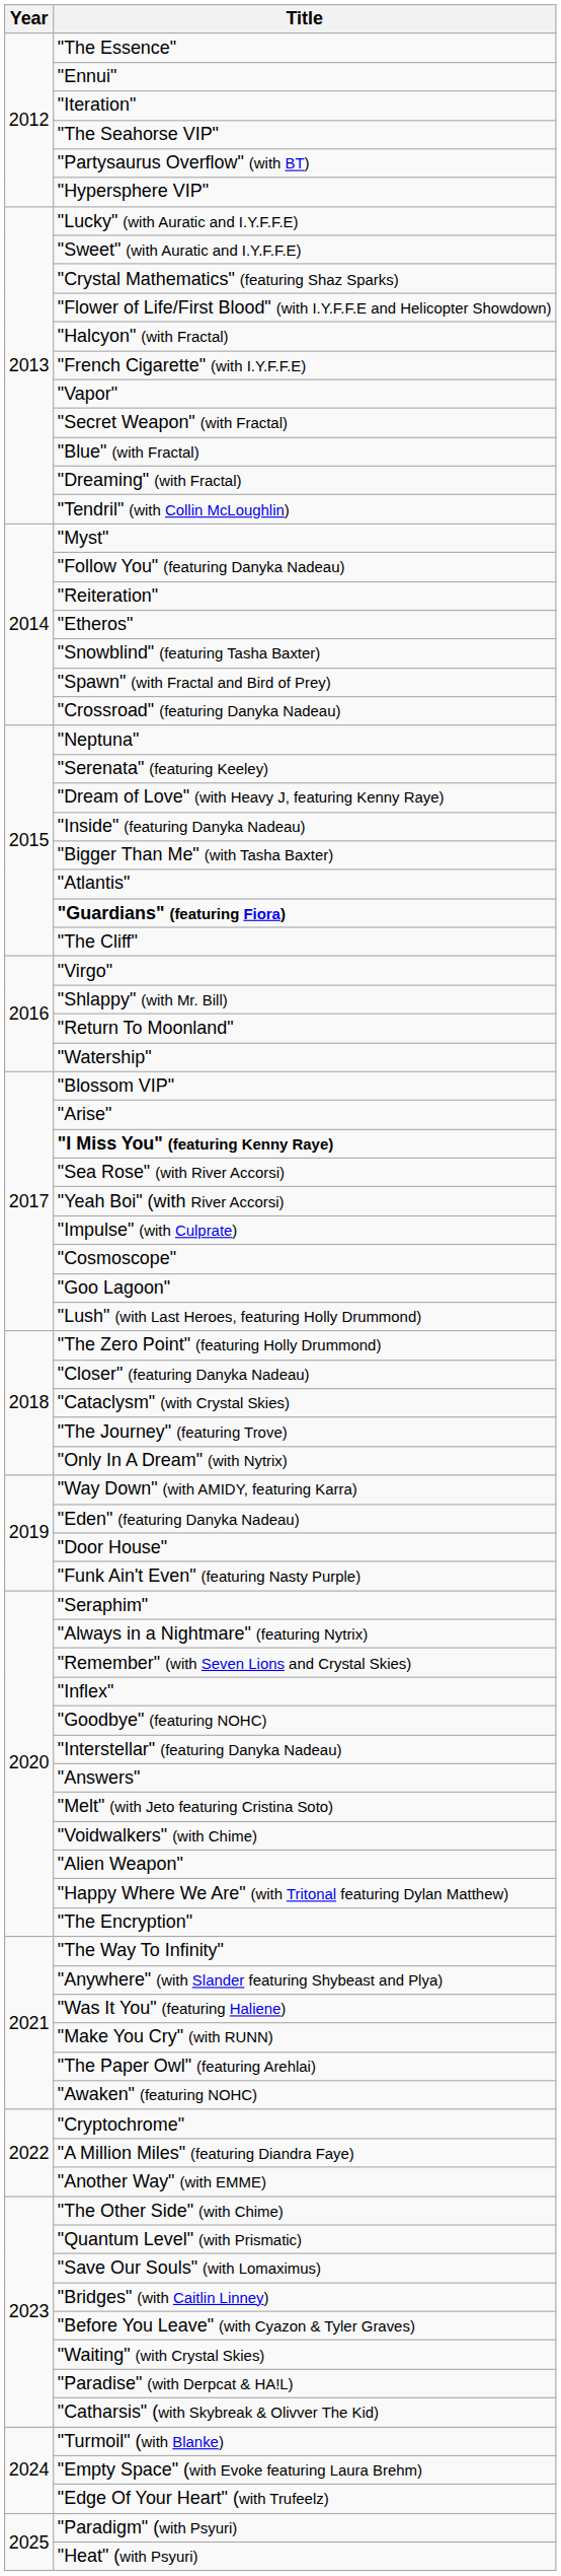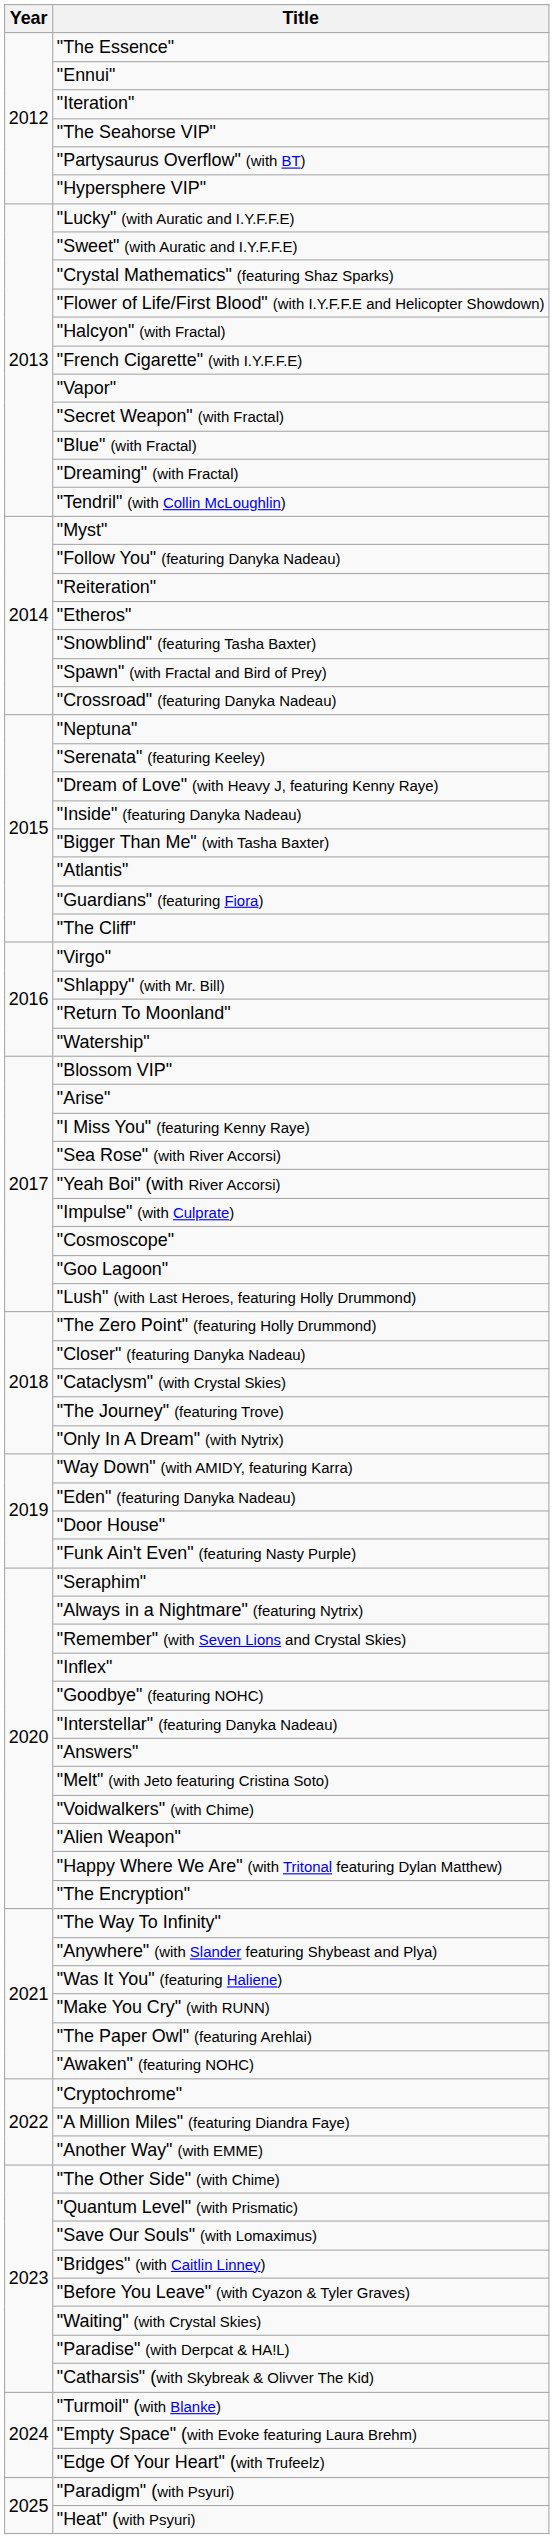 <table class="wikitable">
 <tr>
 <th align="center" width="35">Year</th>
 <th>Title</th>
 </tr>
 <tr>
 <td rowspan="6" align="center">2012</td>
 <td>"The Essence"</td>
 </tr>
 <tr>
 <td>"Ennui"</td>
 </tr>
 <tr>
 <td>"Iteration"</td>
 </tr>
 <tr>
 <td>"The Seahorse VIP"</td>
 </tr>
 <tr>
 <td>"Partysaurus Overflow" <small>(with <a href='#'>BT</a>)</small></td>
 </tr>
 <tr>
 <td>"Hypersphere VIP"</td>
 </tr>
 <tr>
 <td rowspan="11" align="center">2013</td>
 <td>"Lucky" <small>(with Auratic and I.Y.F.F.E)</small></td>
 </tr>
 <tr>
 <td>"Sweet" <small>(with Auratic and I.Y.F.F.E)</small></td>
 </tr>
 <tr>
 <td>"Crystal Mathematics" <small>(featuring Shaz Sparks)</small></td>
 </tr>
 <tr>
 <td>"Flower of Life/First Blood" <small>(with I.Y.F.F.E and Helicopter Showdown)</small></td>
 </tr>
 <tr>
 <td>"Halcyon" <small>(with Fractal)</small></td>
 </tr>
 <tr>
 <td>"French Cigarette" <small>(with I.Y.F.F.E)</small></td>
 </tr>
 <tr>
 <td>"Vapor"</td>
 </tr>
 <tr>
 <td>"Secret Weapon" <small>(with Fractal)</small></td>
 </tr>
 <tr>
 <td>"Blue" <small>(with Fractal)</small></td>
 </tr>
 <tr>
 <td>"Dreaming" <small>(with Fractal)</small></td>
 </tr>
 <tr>
 <td>"Tendril" <small>(with <a href='#'>Collin McLoughlin</a>)</small></td>
 </tr>
 <tr>
 <td rowspan="7" align="center">2014</td>
 <td>"Myst"</td>
 </tr>
 <tr>
 <td>"Follow You" <small>(featuring Danyka Nadeau)</small></td>
 </tr>
 <tr>
 <td>"Reiteration"</td>
 </tr>
 <tr>
 <td>"Etheros"</td>
 </tr>
 <tr>
 <td>"Snowblind" <small>(featuring Tasha Baxter)</small></td>
 </tr>
 <tr>
 <td>"Spawn" <small>(with Fractal and Bird of Prey)</small></td>
 </tr>
 <tr>
 <td>"Crossroad" <small>(featuring Danyka Nadeau)</small></td>
 </tr>
 <tr>
 <td rowspan="8" align="center">2015</td>
 <td>"Neptuna"</td>
 </tr>
 <tr>
 <td>"Serenata" <small>(featuring Keeley)</small></td>
 </tr>
 <tr>
 <td>"Dream of Love" <small>(with Heavy J, featuring Kenny Raye)</small></td>
 </tr>
 <tr>
 <td>"Inside" <small>(featuring Danyka Nadeau)</small></td>
 </tr>
 <tr>
 <td>"Bigger Than Me" <small>(with Tasha Baxter)</small></td>
 </tr>
 <tr>
 <td>"Atlantis"</td>
 </tr>
 <tr>
-<td><strong>"Guardians" <small>(featuring <a href='#'>Fiora</a>)</small></strong></td>
+<td>"Guardians" <small>(featuring <a href='#'>Fiora</a>)</small></td>
 </tr>
 <tr>
 <td>"The Cliff"</td>
 </tr>
 <tr>
 <td rowspan="4">2016</td>
 <td>"Virgo"</td>
 </tr>
 <tr>
 <td>"Shlappy" <small>(with Mr. Bill)</small></td>
 </tr>
 <tr>
 <td>"Return To Moonland"</td>
 </tr>
 <tr>
 <td>"Watership"</td>
 </tr>
 <tr>
 <td rowspan="9">2017</td>
 <td>"Blossom VIP"</td>
 </tr>
 <tr>
 <td>"Arise"</td>
 </tr>
 <tr>
-<td><strong>"I Miss You" <small>(featuring Kenny Raye)</small></strong></td>
+<td>"I Miss You" <small>(featuring Kenny Raye)</small></td>
 </tr>
 <tr>
 <td>"Sea Rose" <small>(with River Accorsi)</small></td>
 </tr>
 <tr>
 <td>"Yeah Boi" (with <small>River Accorsi)</small></td>
 </tr>
 <tr>
 <td>"Impulse" <small>(with <a href='#'>Culprate</a>)</small></td>
 </tr>
 <tr>
 <td>"Cosmoscope"</td>
 </tr>
 <tr>
 <td>"Goo Lagoon"</td>
 </tr>
 <tr>
 <td>"Lush" <small>(with Last Heroes, featuring Holly Drummond)</small></td>
 </tr>
 <tr>
 <td rowspan="5">2018</td>
 <td>"The Zero Point" <small>(featuring Holly Drummond)</small></td>
 </tr>
 <tr>
 <td>"Closer" <small>(featuring Danyka Nadeau)</small></td>
 </tr>
 <tr>
 <td>"Cataclysm" <small>(with Crystal Skies)</small></td>
 </tr>
 <tr>
 <td>"The Journey" <small>(featuring Trove)</small></td>
 </tr>
 <tr>
 <td>"Only In A Dream" <small>(with Nytrix)</small></td>
 </tr>
 <tr>
 <td rowspan="4">2019</td>
 <td>"Way Down" <small>(with AMIDY, featuring Karra)</small></td>
 </tr>
 <tr>
 <td>"Eden" <small>(featuring Danyka Nadeau)</small></td>
 </tr>
 <tr>
 <td>"Door House"</td>
 </tr>
 <tr>
 <td>"Funk Ain't Even" <small>(featuring Nasty Purple)</small></td>
 </tr>
 <tr>
 <td rowspan="12">2020</td>
 <td>"Seraphim"</td>
 </tr>
 <tr>
 <td>"Always in a Nightmare" <small>(featuring Nytrix)</small></td>
 </tr>
 <tr>
 <td>"Remember" <small>(with <a href='#'>Seven Lions</a> and Crystal Skies)</small></td>
 </tr>
 <tr>
 <td>"Inflex"</td>
 </tr>
 <tr>
 <td>"Goodbye" <small>(featuring NOHC)</small></td>
 </tr>
 <tr>
 <td>"Interstellar" <small>(featuring Danyka Nadeau)</small></td>
 </tr>
 <tr>
 <td>"Answers"</td>
 </tr>
 <tr>
 <td>"Melt" <small>(with Jeto featuring Cristina Soto)</small></td>
 </tr>
 <tr>
 <td>"Voidwalkers" <small>(with Chime)</small></td>
 </tr>
 <tr>
 <td>"Alien Weapon"</td>
 </tr>
 <tr>
 <td>"Happy Where We Are" <small>(with <a href='#'>Tritonal</a> featuring Dylan Matthew)</small></td>
 </tr>
 <tr>
 <td>"The Encryption"</td>
 </tr>
 <tr>
 <td rowspan="6">2021</td>
 <td>"The Way To Infinity"</td>
 </tr>
 <tr>
 <td>"Anywhere" <small>(with <a href='#'>Slander</a> featuring Shybeast and Plya)</small></td>
 </tr>
 <tr>
 <td>"Was It You" <small>(featuring <a href='#'>Haliene</a>)</small></td>
 </tr>
 <tr>
 <td>"Make You Cry" <small>(with RUNN)</small></td>
 </tr>
 <tr>
 <td>"The Paper Owl" <small>(featuring Arehlai)</small></td>
 </tr>
 <tr>
 <td>"Awaken" <small>(featuring NOHC)</small></td>
 </tr>
 <tr>
 <td rowspan="3">2022</td>
 <td>"Cryptochrome"</td>
 </tr>
 <tr>
 <td>"A Million Miles" <small>(featuring Diandra Faye)</small></td>
 </tr>
 <tr>
 <td>"Another Way" <small>(with EMME)</small></td>
 </tr>
 <tr>
 <td rowspan="8">2023</td>
 <td>"The Other Side" <small>(with Chime)</small></td>
 </tr>
 <tr>
 <td>"Quantum Level" <small>(with Prismatic)</small></td>
 </tr>
 <tr>
 <td>"Save Our Souls" <small>(with Lomaximus)</small></td>
 </tr>
 <tr>
 <td>"Bridges" <small>(with <a href='#'>Caitlin Linney</a>)</small></td>
 </tr>
 <tr>
 <td>"Before You Leave" <small>(with Cyazon & Tyler Graves)</small></td>
 </tr>
 <tr>
 <td>"Waiting" <small>(with Crystal Skies)</small></td>
 </tr>
 <tr>
 <td>"Paradise" <small>(with Derpcat & HA!L)</small></td>
 </tr>
 <tr>
 <td>"Catharsis" (<small>with Skybreak & Olivver The Kid)</small></td>
 </tr>
 <tr>
 <td rowspan="3">2024</td>
 <td>"Turmoil" (<small>with <a href='#'>Blanke</a>)</small></td>
 </tr>
 <tr>
 <td>"Empty Space" (<small>with Evoke featuring Laura Brehm)</small></td>
 </tr>
 <tr>
 <td>"Edge Of Your Heart" (<small>with Trufeelz)</small></td>
 </tr>
 <tr>
 <td rowspan="2">2025</td>
 <td>"Paradigm" (<small>with Psyuri)</small></td>
 </tr>
 <tr>
 <td>"Heat" (<small>with Psyuri)</small></td>
 </tr>
 </table>
